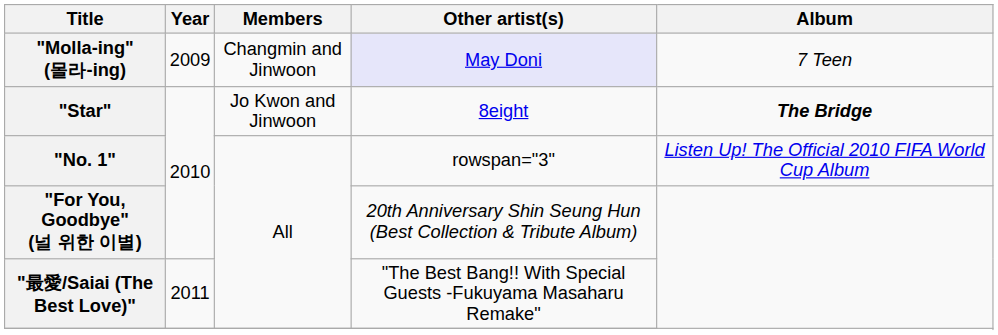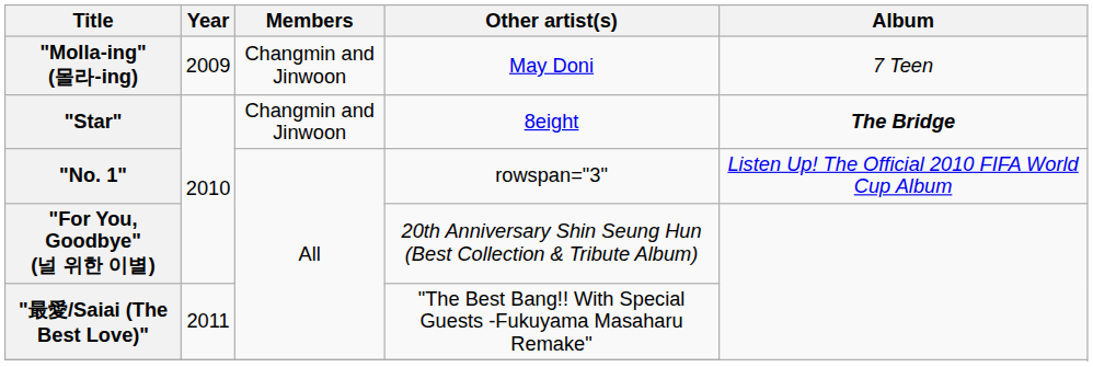 <table class="wikitable plainrowheaders" style="text-align:center">
 <tr>
 <th scope="col">Title</th>
 <th scope="col">Year</th>
 <th scope="col">Members</th>
 <th scope="col">Other artist(s)</th>
 <th scope="col" style="width:18em;">Album</th>
 </tr>
 <tr>
 <th scope="row">"Molla-ing"<br>(몰라-ing)</th>
 <td>2009</td>
 <td>Changmin and Jinwoon</td>
-<td style="background: lavender;"><a href='#'>May Doni</a></td>
+<td><a href='#'>May Doni</a></td>
 <td><em>7 Teen</em></td>
 </tr>
 <tr>
 <th scope="row">"Star"</th>
 <td rowspan="3">2010</td>
-<td>Jo Kwon and Jinwoon</td>
+<td>Changmin and Jinwoon</td>
 <td><a href='#'>8eight</a></td>
 <td><strong><em>The Bridge</em></strong></td>
 </tr>
 <tr>
 <th scope="row">"No. 1"</th>
 <td rowspan="3">All</td>
 <td>rowspan="3" </td>
 <td><em><a href='#'>Listen Up! The Official 2010 FIFA World Cup Album</a></em></td>
 </tr>
 <tr>
 <th scope="row">"For You, Goodbye"<br>(널 위한 이별)</th>
 <td><em>20th Anniversary Shin Seung Hun (Best Collection & Tribute Album)</em></td>
 </tr>
 <tr>
 <th scope="row">"最愛/Saiai (The Best Love)"</th>
 <td>2011</td>
 <td>"The Best Bang!! With Special Guests -Fukuyama Masaharu Remake"</td>
 </tr>
 <tr>
 </tr>
 </table>
